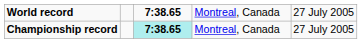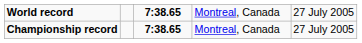 <table class="wikitable">
 <tr>
 <td><strong>World record</strong></td>
 <td style="padding-right:1em"></td>
 <td style="text-align:center;padding-left:1em; padding-right:1em;"><strong>7:38.65</strong></td>
 <td style="padding-right:1em"><a href='#'>Montreal</a>, Canada</td>
 <td align=right>27 July 2005</td>
 </tr>
 <tr>
 <td><strong>Championship record</strong></td>
 <td style="padding-right:1em"></td>
-<td style="background: paleturquoise; text-align:center;padding-left:1em; padding-right:1em;"><strong>7:38.65</strong></td>
+<td style="text-align:center;padding-left:1em; padding-right:1em;"><strong>7:38.65</strong></td>
 <td style="padding-right:1em"><a href='#'>Montreal</a>, Canada</td>
 <td align=right>27 July 2005</td>
 </tr>
 </table>
